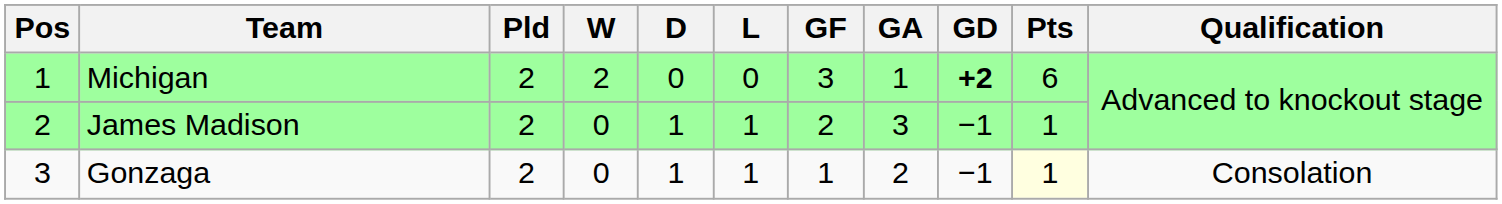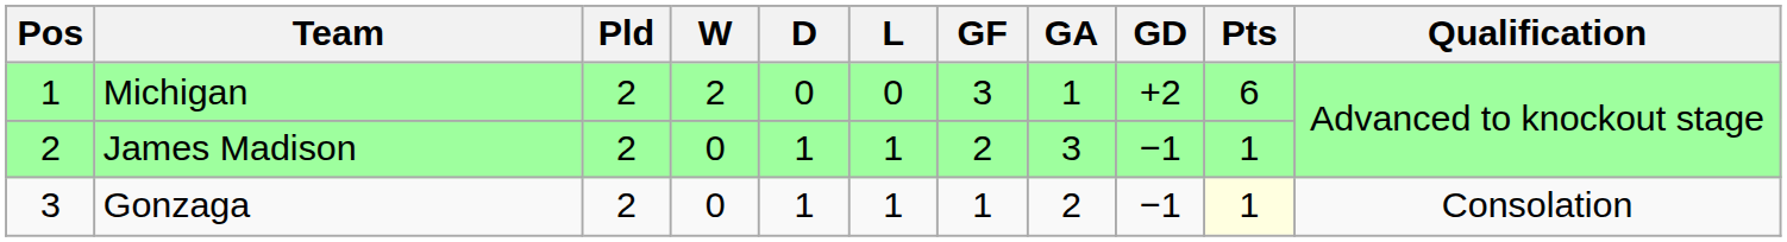 <table class="wikitable" style="text-align:center; margin: 1em auto">
 <tr>
 <th style=width:2em>Pos</th>
 <th style=width:13em>Team</th>
 <th style=width:2em>Pld</th>
 <th style=width:2em>W</th>
 <th style=width:2em>D</th>
 <th style=width:2em>L</th>
 <th style=width:2em>GF</th>
 <th style=width:2em>GA</th>
 <th style=width:2em>GD</th>
 <th style=width:2em>Pts</th>
 <th style=width:13em>Qualification</th>
 </tr>
 <tr bgcolor="#9eff9e">
 <td>1</td>
 <td style="text-align:left">Michigan</td>
 <td>2</td>
 <td>2</td>
 <td>0</td>
 <td>0</td>
 <td>3</td>
 <td>1</td>
-<td><strong>+2</strong></td>
+<td>+2</td>
 <td>6</td>
 <td rowspan="2">Advanced to knockout stage</td>
 </tr>
 <tr bgcolor="#9eff9e">
 <td>2</td>
 <td style="text-align:left">James Madison</td>
 <td>2</td>
 <td>0</td>
 <td>1</td>
 <td>1</td>
 <td>2</td>
 <td>3</td>
 <td>−1</td>
 <td>1</td>
 </tr>
 <tr>
 <td>3</td>
 <td style="text-align:left">Gonzaga</td>
 <td>2</td>
 <td>0</td>
 <td>1</td>
 <td>1</td>
 <td>1</td>
 <td>2</td>
 <td>−1</td>
 <td style="background: lightyellow;">1</td>
 <td>Consolation</td>
 </tr>
 </table>
